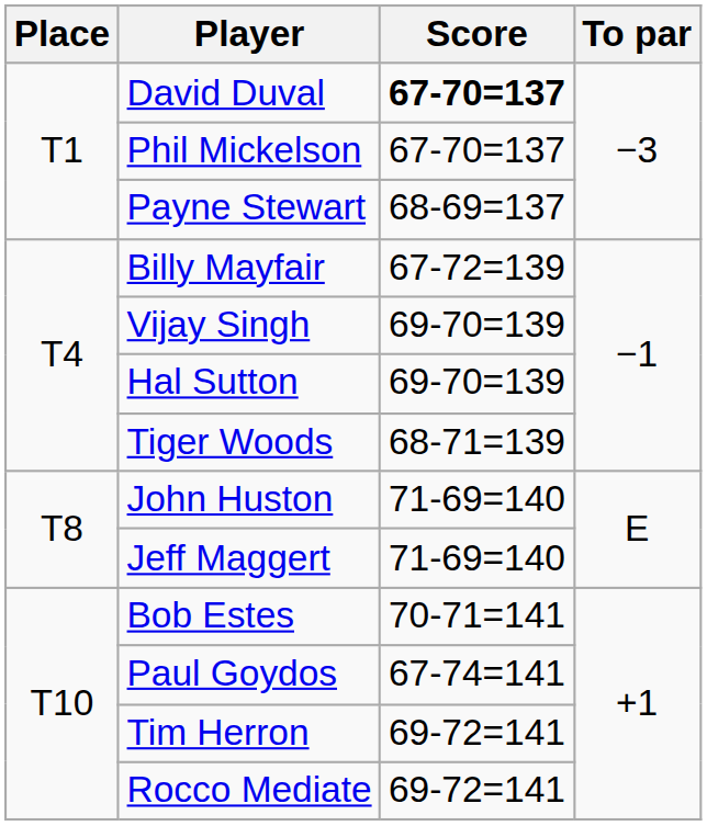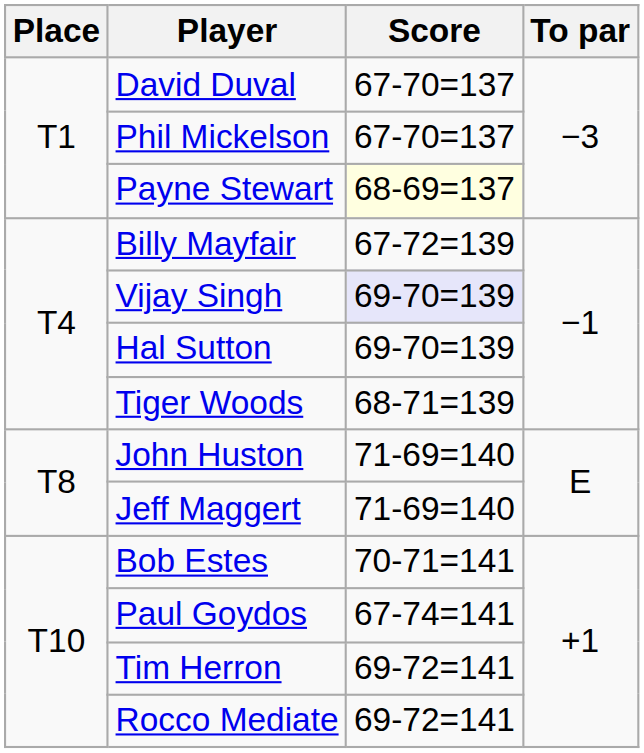 <table class="wikitable">
 <tr>
 <th>Place</th>
 <th>Player</th>
 <th>Score</th>
 <th>To par</th>
 </tr>
 <tr>
 <td rowspan="3" align=center>T1</td>
 <td> <a href='#'>David Duval</a></td>
-<td align=center><strong>67-70=137</strong></td>
+<td align=center>67-70=137</td>
 <td rowspan="3" align=center>−3</td>
 </tr>
 <tr>
 <td> <a href='#'>Phil Mickelson</a></td>
 <td align=center>67-70=137</td>
 </tr>
 <tr>
 <td> <a href='#'>Payne Stewart</a></td>
-<td align=center>68-69=137</td>
+<td align=center style="background: lightyellow;">68-69=137</td>
 </tr>
 <tr>
 <td rowspan="4" align=center>T4</td>
 <td> <a href='#'>Billy Mayfair</a></td>
 <td align=center>67-72=139</td>
 <td rowspan="4" align=center>−1</td>
 </tr>
 <tr>
 <td> <a href='#'>Vijay Singh</a></td>
-<td align=center>69-70=139</td>
+<td align=center style="background: lavender;">69-70=139</td>
 </tr>
 <tr>
 <td> <a href='#'>Hal Sutton</a></td>
 <td align=center>69-70=139</td>
 </tr>
 <tr>
 <td> <a href='#'>Tiger Woods</a></td>
 <td align=center>68-71=139</td>
 </tr>
 <tr>
 <td rowspan="2" align=center>T8</td>
 <td> <a href='#'>John Huston</a></td>
 <td align=center>71-69=140</td>
 <td rowspan="2" align=center>E</td>
 </tr>
 <tr>
 <td> <a href='#'>Jeff Maggert</a></td>
 <td align=center>71-69=140</td>
 </tr>
 <tr>
 <td rowspan="4" align=center>T10</td>
 <td> <a href='#'>Bob Estes</a></td>
 <td align=center>70-71=141</td>
 <td rowspan="4" align=center>+1</td>
 </tr>
 <tr>
 <td> <a href='#'>Paul Goydos</a></td>
 <td align=center>67-74=141</td>
 </tr>
 <tr>
 <td> <a href='#'>Tim Herron</a></td>
 <td align=center>69-72=141</td>
 </tr>
 <tr>
 <td> <a href='#'>Rocco Mediate</a></td>
 <td align=center>69-72=141</td>
 </tr>
 </table>
